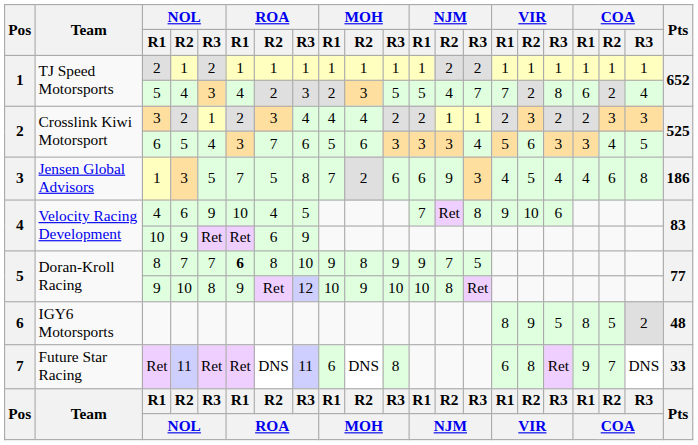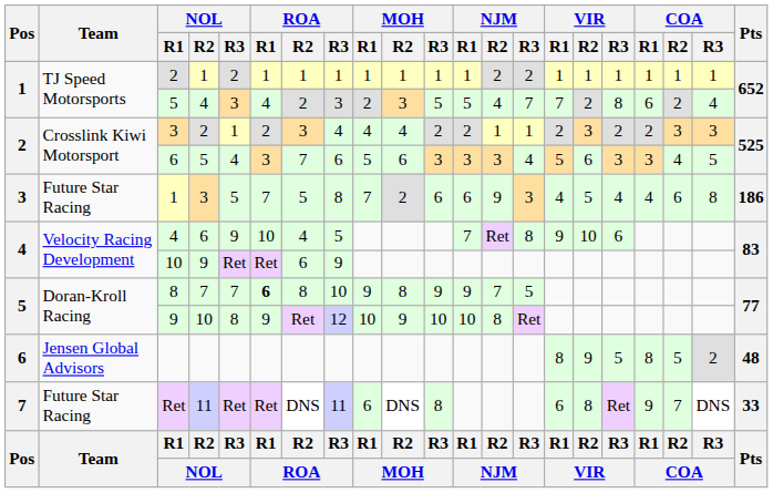 <table class="wikitable" style="font-size:85%; text-align:center">
 <tr>
 <th rowspan="2" valign="middle">Pos</th>
 <th rowspan="2" valign="middle">Team</th>
 <th colspan="3"><a href='#'>NOL</a></th>
 <th colspan="3"><a href='#'>ROA</a></th>
 <th colspan="3"><a href='#'>MOH</a></th>
 <th colspan="3"><a href='#'>NJM</a></th>
 <th colspan="3"><a href='#'>VIR</a></th>
 <th colspan="3"><a href='#'>COA</a></th>
 <th rowspan="2" valign="middle">Pts</th>
 </tr>
 <tr>
 <th>R1</th>
 <th>R2</th>
 <th>R3</th>
 <th>R1</th>
 <th>R2</th>
 <th>R3</th>
 <th>R1</th>
 <th>R2</th>
 <th>R3</th>
 <th>R1</th>
 <th>R2</th>
 <th>R3</th>
 <th>R1</th>
 <th>R2</th>
 <th>R3</th>
 <th>R1</th>
 <th>R2</th>
 <th>R3</th>
 </tr>
 <tr>
 <th rowspan="2">1</th>
 <td rowspan="2" align="left">  TJ Speed Motorsports</td>
 <td bgcolor="#DFDFDF">2</td>
 <td bgcolor="#FFFFBF">1</td>
 <td bgcolor="#DFDFDF">2</td>
 <td bgcolor="#FFFFBF">1</td>
 <td bgcolor="#FFFFBF">1</td>
 <td bgcolor="#FFFFBF">1</td>
 <td bgcolor="#FFFFBF">1</td>
 <td bgcolor="#FFFFBF">1</td>
 <td bgcolor="#FFFFBF">1</td>
 <td bgcolor="#FFFFBF">1</td>
 <td bgcolor="#DFDFDF">2</td>
 <td bgcolor="#DFDFDF">2</td>
 <td bgcolor="#FFFFBF">1</td>
 <td bgcolor="#FFFFBF">1</td>
 <td bgcolor="#FFFFBF">1</td>
 <td bgcolor="#FFFFBF">1</td>
 <td bgcolor="#FFFFBF">1</td>
 <td bgcolor="#FFFFBF">1</td>
 <th rowspan="2">652</th>
 </tr>
 <tr>
 <td bgcolor="#DFFFDF">5</td>
 <td bgcolor="#DFFFDF">4</td>
 <td bgcolor="#FFDF9F">3</td>
 <td bgcolor="#DFFFDF">4</td>
 <td bgcolor="#DFDFDF">2</td>
 <td bgcolor="#DFDFDF">3</td>
 <td bgcolor="#DFDFDF">2</td>
 <td bgcolor="#FFDF9F">3</td>
 <td bgcolor="#DFFFDF">5</td>
 <td bgcolor="#DFFFDF">5</td>
 <td bgcolor="#DFFFDF">4</td>
 <td bgcolor="#DFFFDF">7</td>
 <td bgcolor="#DFFFDF">7</td>
 <td bgcolor="#DFDFDF">2</td>
 <td bgcolor="#DFFFDF">8</td>
 <td bgcolor="#DFFFDF">6</td>
 <td bgcolor="#DFDFDF">2</td>
 <td bgcolor="#DFFFDF">4</td>
 </tr>
 <tr>
 <th rowspan="2">2</th>
 <td rowspan="2" align="left"> Crosslink Kiwi Motorsport</td>
 <td bgcolor="#FFDF9F">3</td>
 <td bgcolor="#DFDFDF">2</td>
 <td bgcolor="#FFFFBF">1</td>
 <td bgcolor="#DFDFDF">2</td>
 <td bgcolor="#FFDF9F">3</td>
 <td bgcolor="#DFFFDF">4</td>
 <td bgcolor="#DFFFDF">4</td>
 <td bgcolor="#DFFFDF">4</td>
 <td bgcolor="#DFDFDF">2</td>
 <td bgcolor="#DFDFDF">2</td>
 <td bgcolor="#FFFFBF">1</td>
 <td bgcolor="#FFFFBF">1</td>
 <td bgcolor="#DFDFDF">2</td>
 <td bgcolor="#FFDF9F">3</td>
 <td bgcolor="#DFDFDF">2</td>
 <td bgcolor="#DFDFDF">2</td>
 <td bgcolor="#FFDF9F">3</td>
 <td bgcolor="#FFDF9F">3</td>
 <th rowspan="2">525</th>
 </tr>
 <tr>
 <td bgcolor="#DFFFDF">6</td>
 <td bgcolor="#DFFFDF">5</td>
 <td bgcolor="#DFFFDF">4</td>
 <td bgcolor="#FFDF9F">3</td>
 <td bgcolor="#DFFFDF">7</td>
 <td bgcolor="#DFFFDF">6</td>
 <td bgcolor="#DFFFDF">5</td>
 <td bgcolor="#DFFFDF">6</td>
 <td bgcolor="#FFDF9F">3</td>
 <td bgcolor="#FFDF9F">3</td>
 <td bgcolor="#FFDF9F">3</td>
 <td bgcolor="#DFFFDF">4</td>
 <td bgcolor="#FFDF9F">5</td>
 <td bgcolor="#DFFFDF">6</td>
 <td bgcolor="#FFDF9F">3</td>
 <td bgcolor="#FFDF9F">3</td>
 <td bgcolor="#DFFFDF">4</td>
 <td bgcolor="#DFFFDF">5</td>
 </tr>
 <tr>
 <th>3</th>
-<td align="left"> <a href='#'>Jensen Global Advisors</a></td>
+<td align="left"> Future Star Racing</td>
 <td bgcolor="#FFFFBF">1</td>
 <td bgcolor="#FFDF9F">3</td>
 <td bgcolor="#DFFFDF">5</td>
 <td bgcolor="#DFFFDF">7</td>
 <td bgcolor="#DFFFDF">5</td>
 <td bgcolor="#DFFFDF">8</td>
 <td bgcolor="#DFFFDF">7</td>
 <td bgcolor="#DFDFDF">2</td>
 <td bgcolor="#DFFFDF">6</td>
 <td bgcolor="#DFFFDF">6</td>
 <td bgcolor="#DFFFDF">9</td>
 <td bgcolor="#FFDF9F">3</td>
 <td bgcolor="#DFFFDF">4</td>
 <td bgcolor="#DFFFDF">5</td>
 <td bgcolor="#DFFFDF">4</td>
 <td bgcolor="#DFFFDF">4</td>
 <td bgcolor="#DFFFDF">6</td>
 <td bgcolor="#DFFFDF">8</td>
 <th>186</th>
 </tr>
 <tr>
 <th rowspan="2">4</th>
 <td rowspan="2" align="left"> <a href='#'>Velocity Racing Development</a></td>
 <td bgcolor="#DFFFDF">4</td>
 <td bgcolor="#DFFFDF">6</td>
 <td bgcolor="#DFFFDF">9</td>
 <td bgcolor="#DFFFDF">10</td>
 <td bgcolor="#DFFFDF">4</td>
 <td bgcolor="#DFFFDF">5</td>
 <td></td>
 <td></td>
 <td></td>
 <td bgcolor="#DFFFDF">7</td>
 <td bgcolor="#EFCFFF">Ret</td>
 <td bgcolor="#DFFFDF">8</td>
 <td bgcolor="#DFFFDF">9</td>
 <td bgcolor="#DFFFDF">10</td>
 <td bgcolor="#DFFFDF">6</td>
 <td></td>
 <td></td>
 <td></td>
 <th rowspan="2">83</th>
 </tr>
 <tr>
 <td bgcolor="#DFFFDF">10</td>
 <td bgcolor="#DFFFDF">9</td>
 <td bgcolor="#EFCFFF">Ret</td>
 <td bgcolor="#EFCFFF">Ret</td>
 <td bgcolor="#DFFFDF">6</td>
 <td bgcolor="#DFFFDF">9</td>
 <td></td>
 <td></td>
 <td></td>
 <td></td>
 <td></td>
 <td></td>
 <td></td>
 <td></td>
 <td></td>
 <td></td>
 <td></td>
 <td></td>
 </tr>
 <tr>
 <th rowspan="2">5</th>
 <td rowspan="2" align="left"> Doran-Kroll Racing</td>
 <td bgcolor="#DFFFDF">8</td>
 <td bgcolor="#DFFFDF">7</td>
 <td bgcolor="#DFFFDF">7</td>
 <td bgcolor="#DFFFDF"><strong>6</strong></td>
 <td bgcolor="#DFFFDF">8</td>
 <td bgcolor="#DFFFDF">10</td>
 <td bgcolor="#DFFFDF">9</td>
 <td bgcolor="#DFFFDF">8</td>
 <td bgcolor="#DFFFDF">9</td>
 <td bgcolor="#DFFFDF">9</td>
 <td bgcolor="#DFFFDF">7</td>
 <td bgcolor="#DFFFDF">5</td>
 <td></td>
 <td></td>
 <td></td>
 <td></td>
 <td></td>
 <td></td>
 <th rowspan="2">77</th>
 </tr>
 <tr>
 <td bgcolor="#DFFFDF">9</td>
 <td bgcolor="#DFFFDF">10</td>
 <td bgcolor="#DFFFDF">8</td>
 <td bgcolor="#DFFFDF">9</td>
 <td bgcolor="#EFCFFF">Ret</td>
 <td bgcolor="#CFCFFF">12</td>
 <td bgcolor="#DFFFDF">10</td>
 <td bgcolor="#DFFFDF">9</td>
 <td bgcolor="#DFFFDF">10</td>
 <td bgcolor="#DFFFDF">10</td>
 <td bgcolor="#DFFFDF">8</td>
 <td bgcolor="#EFCFFF">Ret</td>
 <td></td>
 <td></td>
 <td></td>
 <td></td>
 <td></td>
 <td></td>
 </tr>
 <tr>
 <th>6</th>
-<td align="left"> IGY6 Motorsports</td>
+<td align="left"> <a href='#'>Jensen Global Advisors</a></td>
 <td></td>
 <td></td>
 <td></td>
 <td></td>
 <td></td>
 <td></td>
 <td></td>
 <td></td>
 <td></td>
 <td></td>
 <td></td>
 <td></td>
 <td bgcolor="#DFFFDF">8</td>
 <td bgcolor="#DFFFDF">9</td>
 <td bgcolor="#DFFFDF">5</td>
 <td bgcolor="#DFFFDF">8</td>
 <td bgcolor="#DFFFDF">5</td>
 <td bgcolor="#DFDFDF">2</td>
 <th>48</th>
 </tr>
 <tr>
 <th>7</th>
 <td align="left"> Future Star Racing</td>
 <td bgcolor="#EFCFFF">Ret</td>
 <td bgcolor="#CFCFFF">11</td>
 <td bgcolor="#EFCFFF">Ret</td>
 <td bgcolor="#EFCFFF">Ret</td>
 <td bgcolor="#FFFFFF">DNS</td>
 <td bgcolor="#CFCFFF">11</td>
 <td bgcolor="#DFFFDF">6</td>
 <td bgcolor="#FFFFFF">DNS</td>
 <td bgcolor="#DFFFDF">8</td>
 <td></td>
 <td></td>
 <td></td>
 <td bgcolor="#DFFFDF">6</td>
 <td bgcolor="#DFFFDF">8</td>
 <td bgcolor="#EFCFFF">Ret</td>
 <td bgcolor="#DFFFDF">9</td>
 <td bgcolor="#DFFFDF">7</td>
 <td bgcolor="#FFFFFF">DNS</td>
 <th>33</th>
 </tr>
 <tr>
 <th rowspan="2">Pos</th>
 <th rowspan="2">Team</th>
 <th>R1</th>
 <th>R2</th>
 <th>R3</th>
 <th>R1</th>
 <th>R2</th>
 <th>R3</th>
 <th>R1</th>
 <th>R2</th>
 <th>R3</th>
 <th>R1</th>
 <th>R2</th>
 <th>R3</th>
 <th>R1</th>
 <th>R2</th>
 <th>R3</th>
 <th>R1</th>
 <th>R2</th>
 <th>R3</th>
 <th rowspan="2">Pts</th>
 </tr>
 <tr valign="top">
 <th colspan="3"><a href='#'>NOL</a></th>
 <th colspan="3"><a href='#'>ROA</a></th>
 <th colspan="3"><a href='#'>MOH</a></th>
 <th colspan="3"><a href='#'>NJM</a></th>
 <th colspan="3"><a href='#'>VIR</a></th>
 <th colspan="3"><a href='#'>COA</a></th>
 </tr>
 </table>
